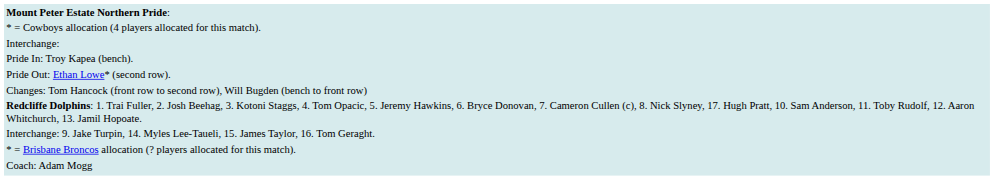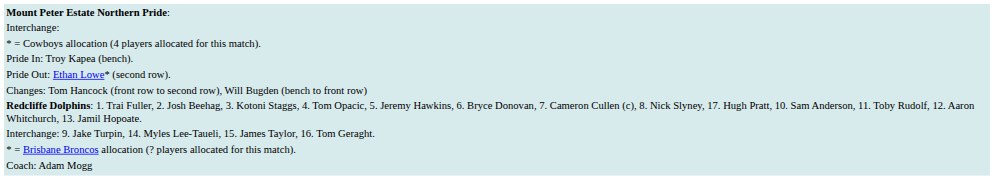 <table style="background:#d7ebed; font-size:85%; width:100%;">
 <tr>
 <td><strong>Mount Peter Estate Northern Pride</strong>:             </td>
 </tr>
 <tr>
-<td>* = Cowboys allocation (4 players allocated for this match).</td>
+<td>Interchange:    </td>
 </tr>
 <tr>
-<td>Interchange:    </td>
+<td>* = Cowboys allocation (4 players allocated for this match).</td>
 </tr>
 <tr>
 <td>Pride In: Troy Kapea (bench).</td>
 </tr>
 <tr>
 <td>Pride Out: <a href='#'>Ethan Lowe</a>* (second row).</td>
 </tr>
 <tr>
 <td>Changes: Tom Hancock (front row to second row), Will Bugden (bench to front row)</td>
 </tr>
 <tr>
 <td><strong>Redcliffe Dolphins</strong>: 1. Trai Fuller, 2. Josh Beehag, 3. Kotoni Staggs, 4. Tom Opacic, 5. Jeremy Hawkins, 6. Bryce Donovan, 7. Cameron Cullen (c), 8. Nick Slyney, 17. Hugh Pratt, 10. Sam Anderson, 11. Toby Rudolf, 12. Aaron Whitchurch, 13. Jamil Hopoate.</td>
 </tr>
 <tr>
 <td>Interchange: 9. Jake Turpin, 14. Myles Lee-Taueli, 15. James Taylor, 16. Tom Geraght.</td>
 </tr>
 <tr>
 <td>* = <a href='#'>Brisbane Broncos</a> allocation (? players allocated for this match).</td>
 </tr>
 <tr>
 <td>Coach: Adam Mogg</td>
 </tr>
 <tr>
 </tr>
 </table>
